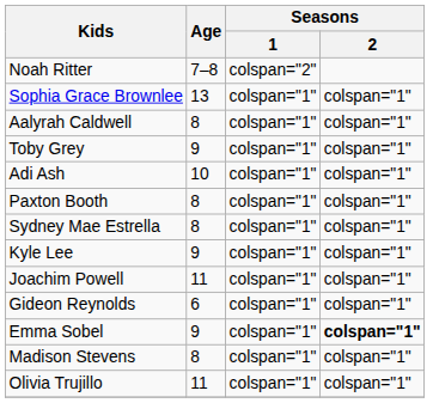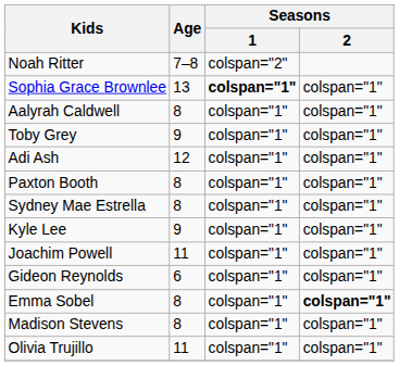 <table class="wikitable plainrowheaders">
 <tr>
 <th scope="col" rowspan="2">Kids</th>
 <th scope="col" rowspan="2">Age</th>
 <th scope="col" colspan="2">Seasons</th>
 </tr>
 <tr>
 <th scope="col">1</th>
 <th scope="col">2</th>
 </tr>
 <tr>
 <td scope="row">Noah Ritter</td>
 <td>7–8</td>
 <td>colspan="2" </td>
 </tr>
 <tr>
 <td scope="row"><a href='#'>Sophia Grace Brownlee</a></td>
 <td>13</td>
-<td>colspan="1" </td>
+<td><strong>colspan="1" </strong></td>
 <td>colspan="1" </td>
 </tr>
 <tr>
 <td scope="row">Aalyrah Caldwell</td>
 <td>8</td>
 <td>colspan="1" </td>
 <td>colspan="1" </td>
 </tr>
 <tr>
 <td scope="row">Toby Grey</td>
 <td>9</td>
 <td>colspan="1" </td>
 <td>colspan="1" </td>
 </tr>
 <tr>
 <td scope="row">Adi Ash</td>
-<td>10</td>
+<td>12</td>
 <td>colspan="1" </td>
 <td>colspan="1" </td>
 </tr>
 <tr>
 <td scope="row">Paxton Booth</td>
 <td>8</td>
 <td>colspan="1" </td>
 <td>colspan="1" </td>
 </tr>
 <tr>
 <td scope="row">Sydney Mae Estrella</td>
 <td>8</td>
 <td>colspan="1" </td>
 <td>colspan="1" </td>
 </tr>
 <tr>
 <td scope="row">Kyle Lee</td>
 <td>9</td>
 <td>colspan="1" </td>
 <td>colspan="1" </td>
 </tr>
 <tr>
 <td scope="row">Joachim Powell</td>
 <td>11</td>
 <td>colspan="1" </td>
 <td>colspan="1" </td>
 </tr>
 <tr>
 <td scope="row">Gideon Reynolds</td>
 <td>6</td>
 <td>colspan="1" </td>
 <td>colspan="1" </td>
 </tr>
 <tr>
 <td scope="row">Emma Sobel</td>
-<td>9</td>
+<td>8</td>
 <td>colspan="1" </td>
 <td><strong>colspan="1" </strong></td>
 </tr>
 <tr>
 <td scope="row">Madison Stevens</td>
 <td>8</td>
 <td>colspan="1" </td>
 <td>colspan="1" </td>
 </tr>
 <tr>
 <td scope="row">Olivia Trujillo</td>
 <td>11</td>
 <td>colspan="1" </td>
 <td>colspan="1" </td>
 </tr>
 <tr>
 </tr>
 </table>
